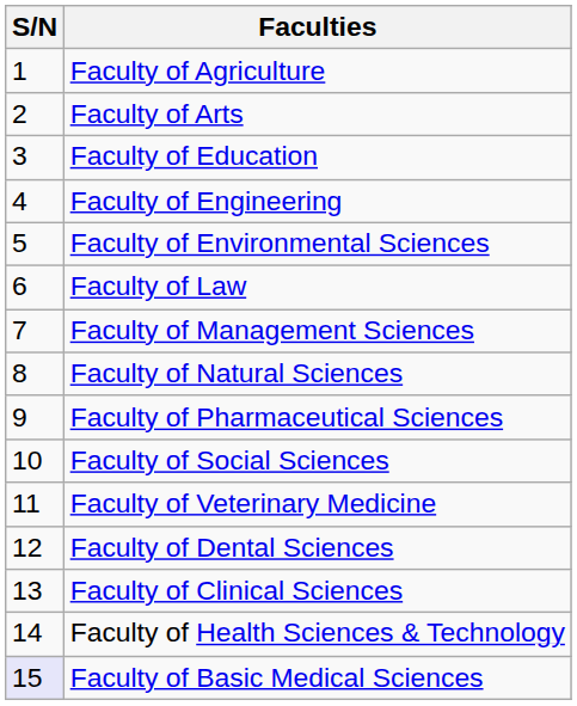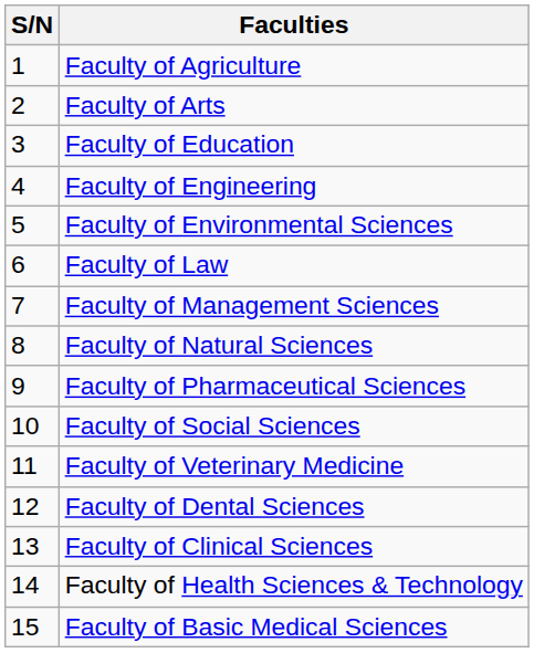 <table class="wikitable">
 <tr>
 <th>S/N</th>
 <th>Faculties</th>
 </tr>
 <tr>
 <td>1</td>
 <td><a href='#'>Faculty of Agriculture</a></td>
 </tr>
 <tr>
 <td>2</td>
 <td><a href='#'>Faculty of Arts</a></td>
 </tr>
 <tr>
 <td>3</td>
 <td><a href='#'>Faculty of Education</a></td>
 </tr>
 <tr>
 <td>4</td>
 <td><a href='#'>Faculty of Engineering</a></td>
 </tr>
 <tr>
 <td>5</td>
 <td><a href='#'>Faculty of Environmental Sciences</a></td>
 </tr>
 <tr>
 <td>6</td>
 <td><a href='#'>Faculty of Law</a></td>
 </tr>
 <tr>
 <td>7</td>
 <td><a href='#'>Faculty of Management Sciences</a></td>
 </tr>
 <tr>
 <td>8</td>
 <td><a href='#'>Faculty of Natural Sciences</a></td>
 </tr>
 <tr>
 <td>9</td>
 <td><a href='#'>Faculty of Pharmaceutical Sciences</a></td>
 </tr>
 <tr>
 <td>10</td>
 <td><a href='#'>Faculty of Social Sciences</a></td>
 </tr>
 <tr>
 <td>11</td>
 <td><a href='#'>Faculty of Veterinary Medicine</a></td>
 </tr>
 <tr>
 <td>12</td>
 <td><a href='#'>Faculty of Dental Sciences</a></td>
 </tr>
 <tr>
 <td>13</td>
 <td><a href='#'>Faculty of Clinical Sciences</a></td>
 </tr>
 <tr>
 <td>14</td>
 <td>Faculty of <a href='#'>Health Sciences & Technology</a></td>
 </tr>
 <tr>
-<td style="background: lavender;">15</td>
+<td>15</td>
 <td><a href='#'>Faculty of Basic Medical Sciences</a></td>
 </tr>
 </table>
